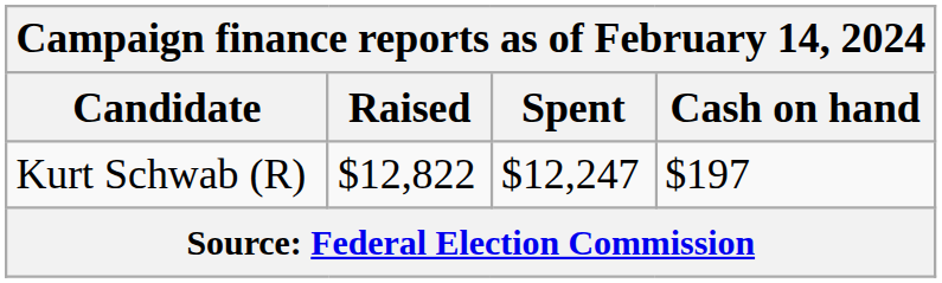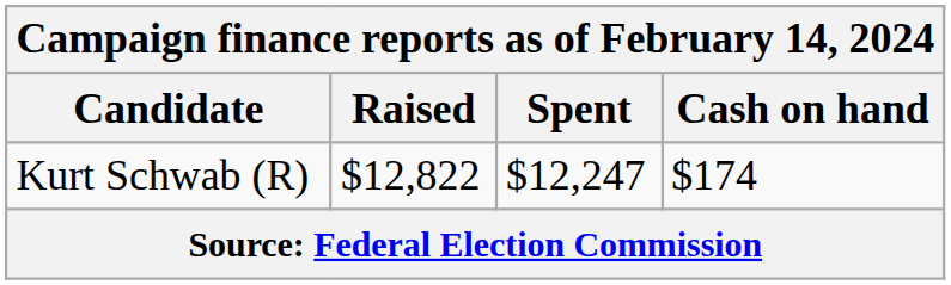 <table class="wikitable sortable">
 <tr>
 <th colspan=4>Campaign finance reports as of February 14, 2024</th>
 </tr>
 <tr style="text-align:center;">
 <th>Candidate</th>
 <th>Raised</th>
 <th>Spent</th>
 <th>Cash on hand</th>
 </tr>
 <tr>
 <td style="background-color:">Kurt Schwab (R)</td>
 <td>$12,822</td>
 <td>$12,247</td>
-<td>$197</td>
+<td>$174</td>
 </tr>
 <tr>
 <th colspan="4"><small>Source: <a href='#'>Federal Election Commission</a></small></th>
 </tr>
 </table>
